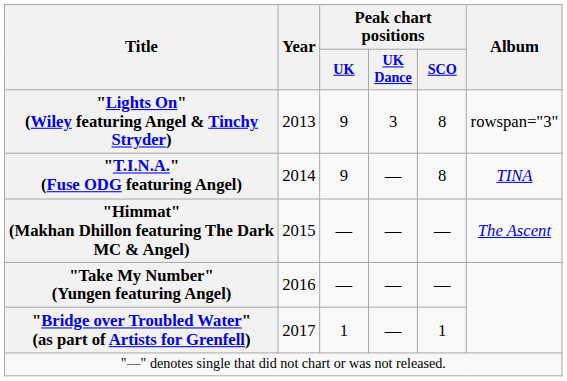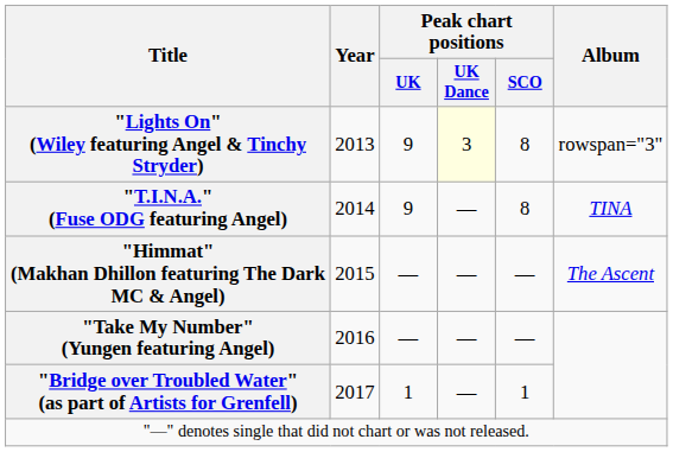 <table class="wikitable plainrowheaders" style="text-align:center;">
 <tr>
 <th scope="col" rowspan="2" style="width:16em;">Title</th>
 <th scope="col" rowspan="2" style="width:1em;">Year</th>
 <th scope="col" colspan="3">Peak chart positions</th>
 <th scope="col" rowspan="2">Album</th>
 </tr>
 <tr>
 <th scope="col" style="width:3em;font-size:85%;"><a href='#'>UK</a><br></th>
 <th scope="col" style="width:3em;font-size:85%;"><a href='#'>UK Dance</a><br></th>
 <th scope="col" style="width:3em;font-size:85%;"><a href='#'>SCO</a><br></th>
 </tr>
 <tr>
 <th scope="row">"<a href='#'>Lights On</a>"<br><span>(<a href='#'>Wiley</a> featuring Angel & <a href='#'>Tinchy Stryder</a>)</span></th>
 <td>2013</td>
 <td>9</td>
-<td>3</td>
+<td style="background: lightyellow;">3</td>
 <td>8</td>
 <td>rowspan="3" </td>
 </tr>
 <tr>
 <th scope="row">"<a href='#'>T.I.N.A.</a>"<br><span>(<a href='#'>Fuse ODG</a> featuring Angel)</span></th>
 <td>2014</td>
 <td>9</td>
 <td>—</td>
 <td>8</td>
 <td><em><a href='#'>TINA</a></em></td>
 </tr>
 <tr>
 <th scope="row">"Himmat"<br><span>(Makhan Dhillon featuring The Dark MC & Angel)</span></th>
 <td>2015</td>
 <td>—</td>
 <td>—</td>
 <td>—</td>
 <td><em><a href='#'>The Ascent</a></em></td>
 </tr>
 <tr>
 <th scope="row">"Take My Number"<br><span>(Yungen featuring Angel)</span></th>
 <td>2016</td>
 <td>—</td>
 <td>—</td>
 <td>—</td>
 </tr>
 <tr>
 <th scope="row">"<a href='#'>Bridge over Troubled Water</a>"<br><span>(as part of <a href='#'>Artists for Grenfell</a>)</span></th>
 <td>2017</td>
 <td>1</td>
 <td>—</td>
 <td>1</td>
 </tr>
 <tr>
 <td colspan="14" style="font-size:85%">"—" denotes single that did not chart or was not released.</td>
 </tr>
 </table>
